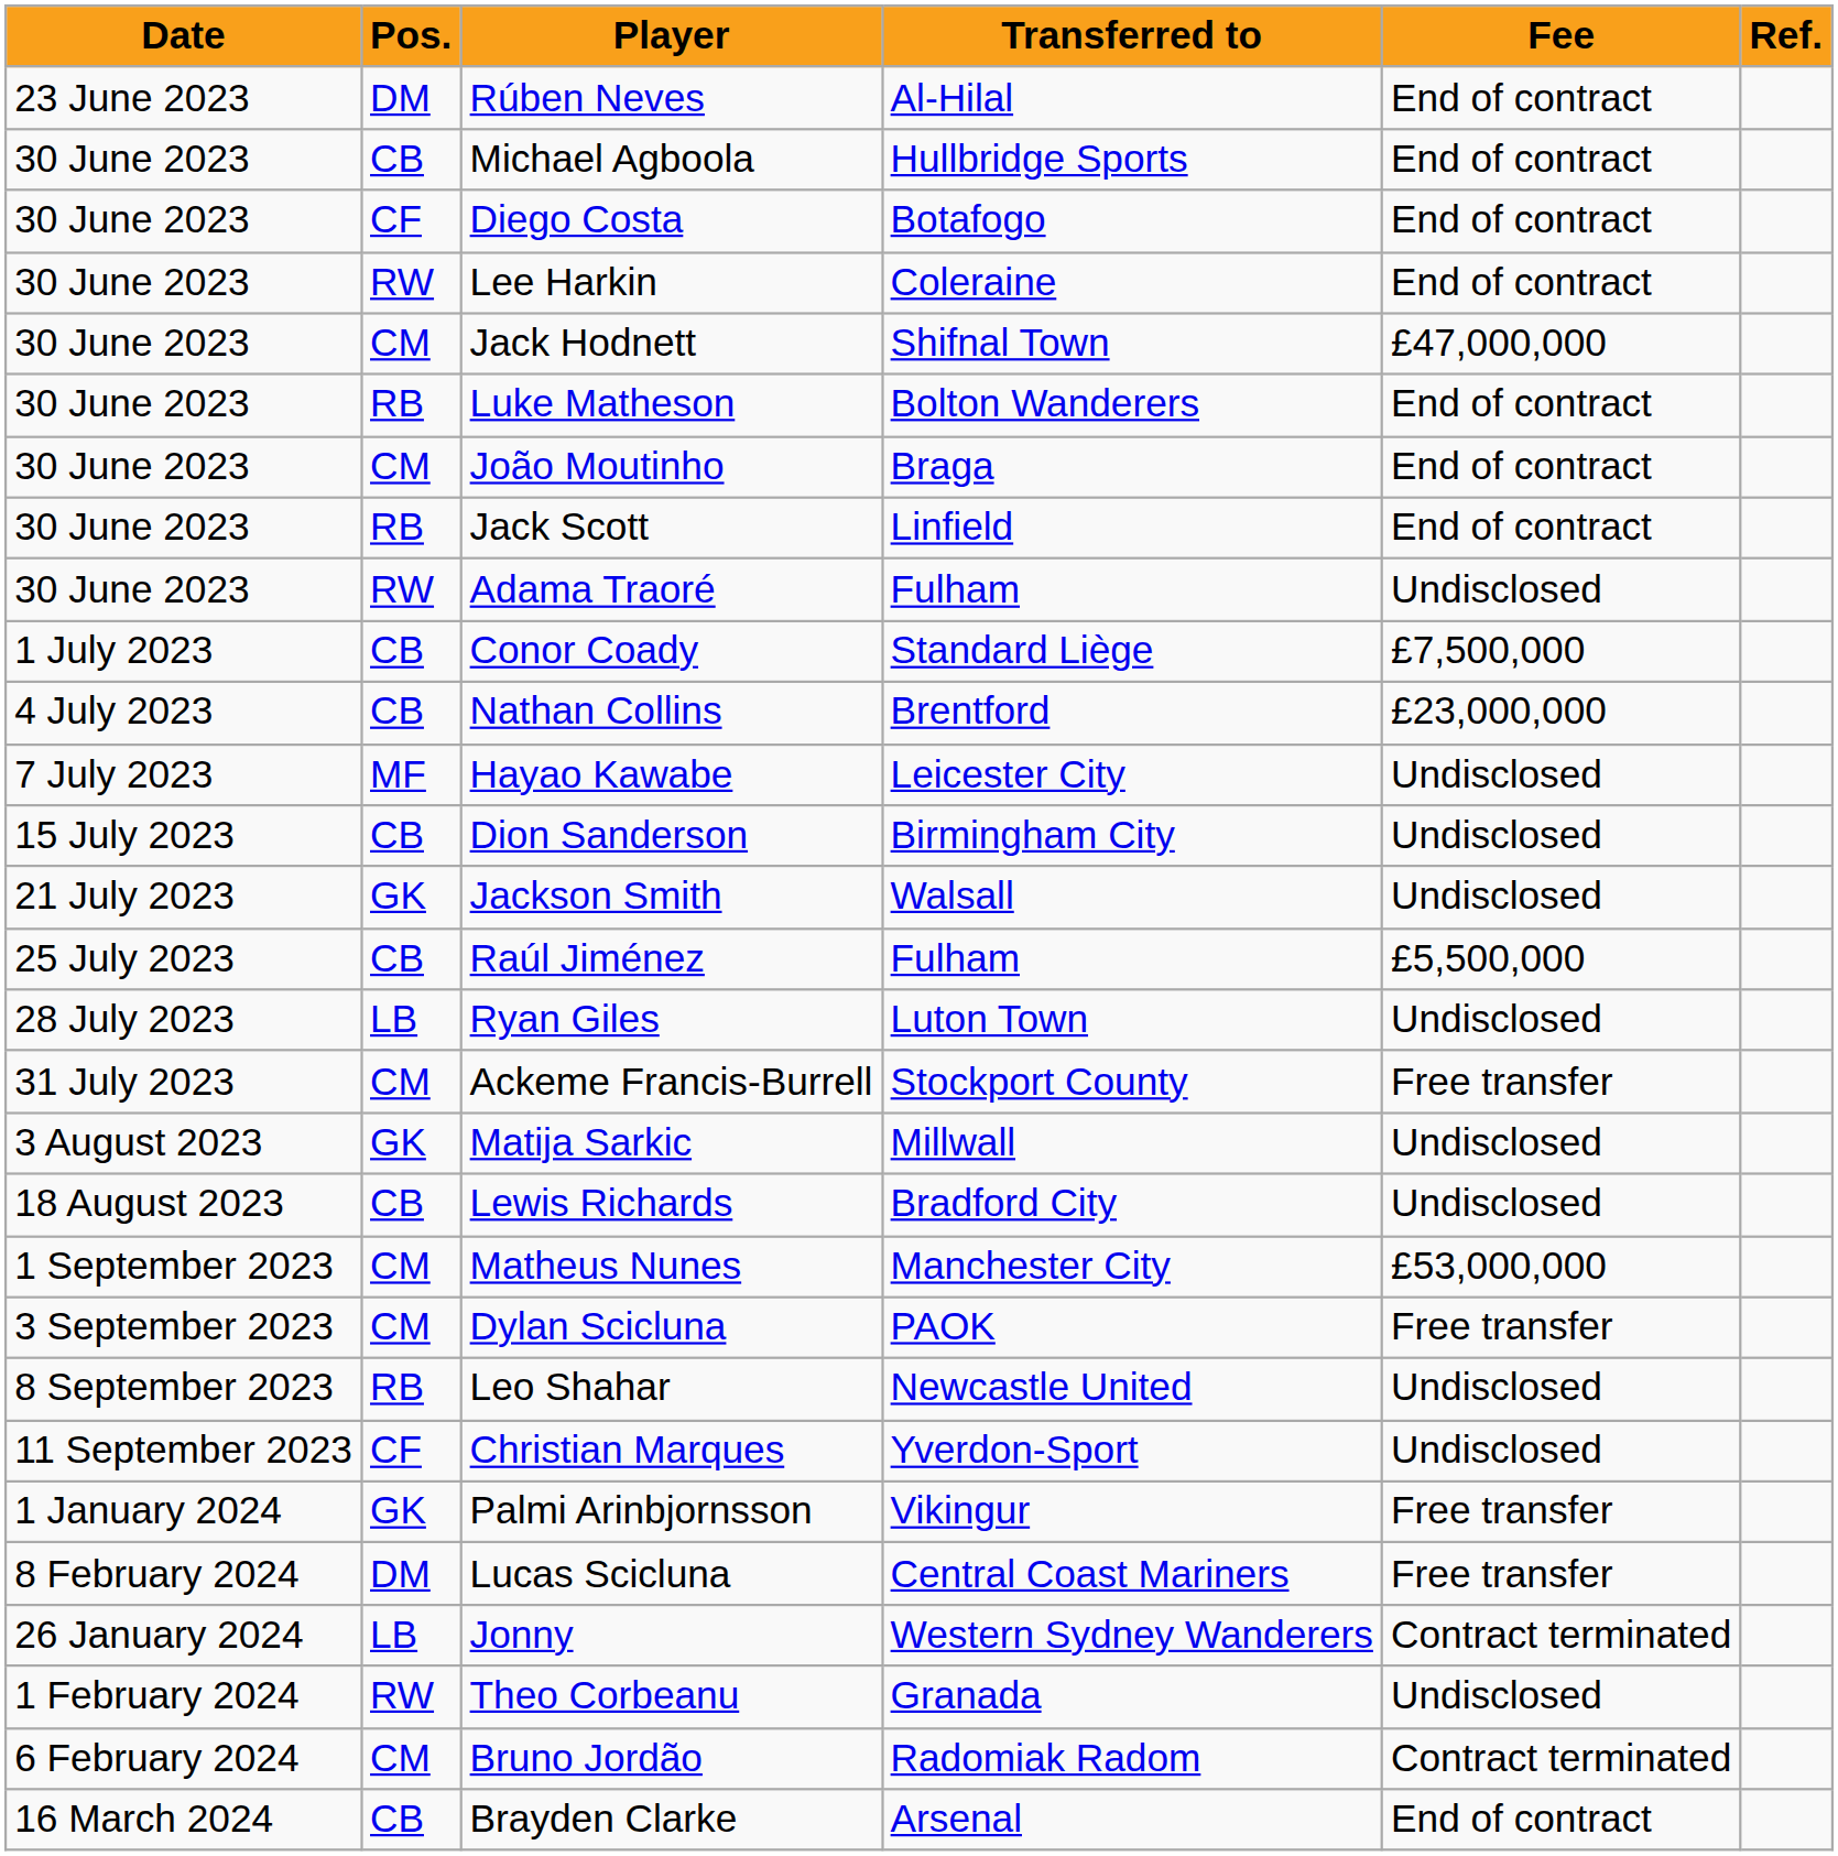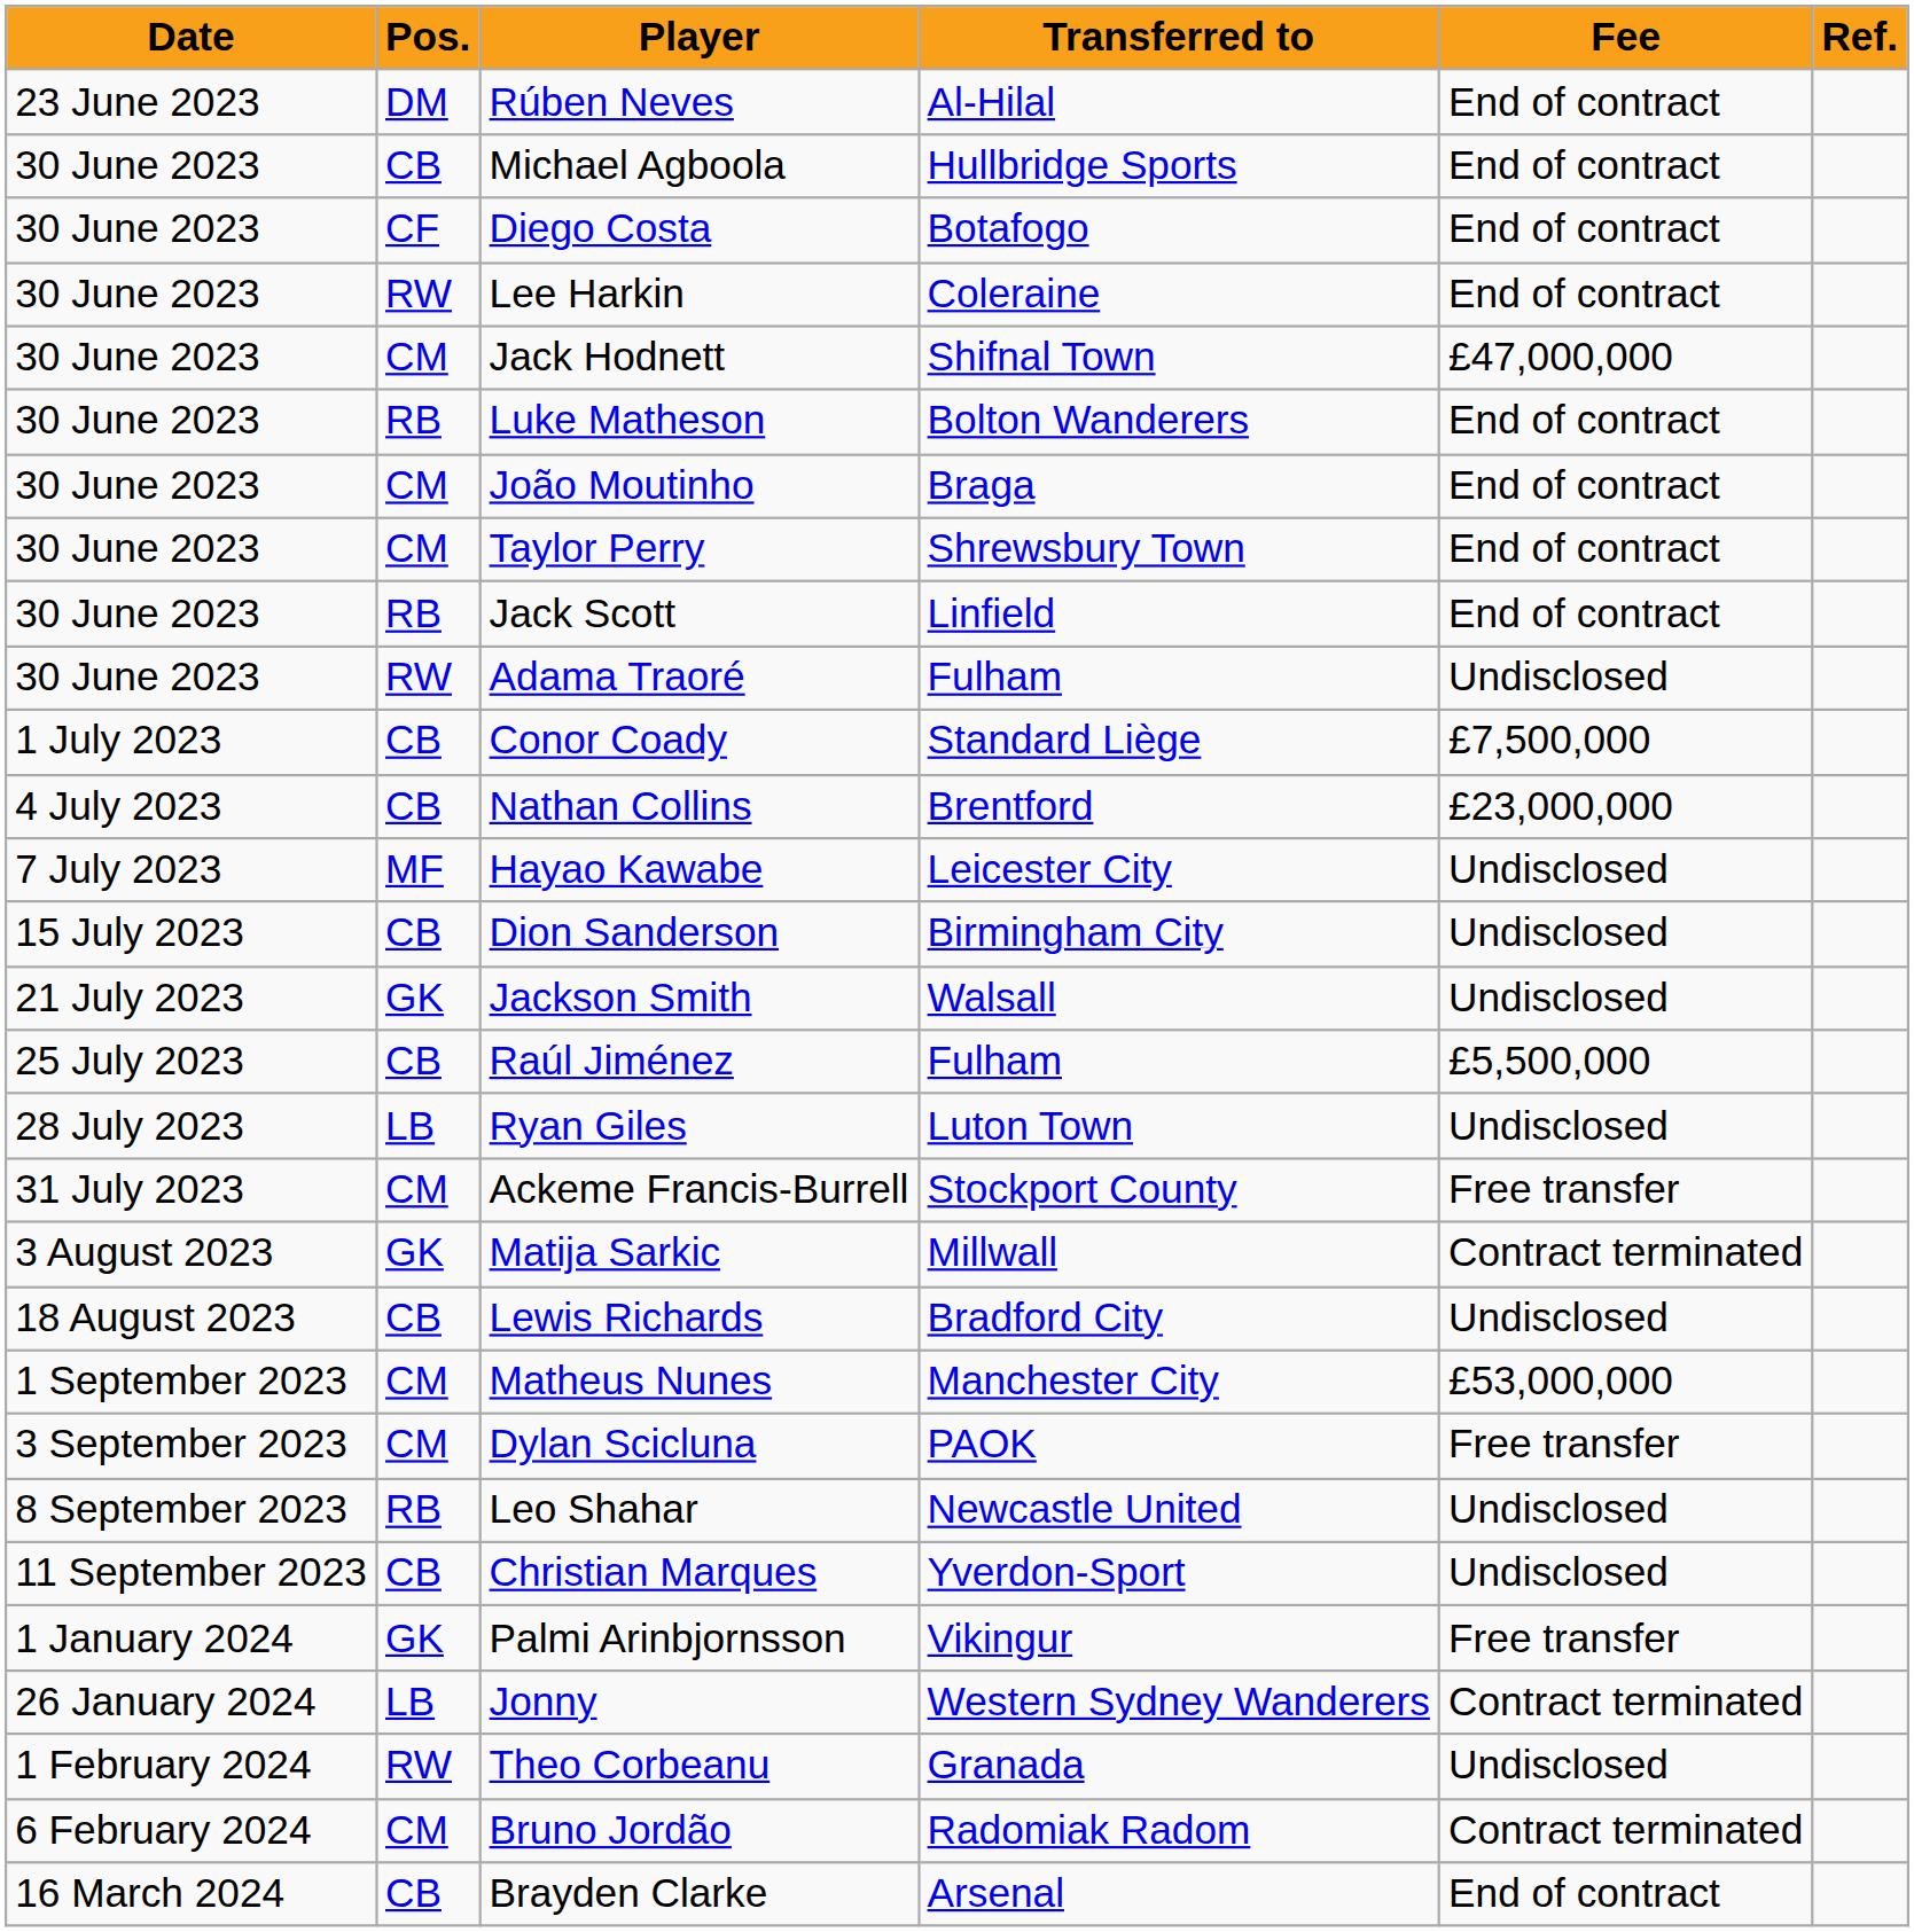 <table class="wikitable plainrowheaders sortable">
 <tr>
 <th style="background:#F9A01B; color:#000000; ">Date</th>
 <th style="background:#F9A01B; color:#000000; ">Pos.</th>
 <th style="background:#F9A01B; color:#000000; ">Player</th>
 <th style="background:#F9A01B; color:#000000; ">Transferred to</th>
 <th style="background:#F9A01B; color:#000000; ">Fee</th>
 <th style="background:#F9A01B; color:#000000; ">Ref.</th>
 </tr>
 <tr>
 <td>23 June 2023</td>
 <td><a href='#'>DM</a></td>
 <td> <a href='#'>Rúben Neves</a></td>
 <td> <a href='#'>Al-Hilal</a></td>
 <td>End of contract</td>
 <td></td>
 </tr>
 <tr>
 <td>30 June 2023</td>
 <td><a href='#'>CB</a></td>
 <td> Michael Agboola</td>
 <td> <a href='#'>Hullbridge Sports</a></td>
 <td>End of contract</td>
 <td></td>
 </tr>
 <tr>
 <td>30 June 2023</td>
 <td><a href='#'>CF</a></td>
 <td> <a href='#'>Diego Costa</a></td>
 <td> <a href='#'>Botafogo</a></td>
 <td>End of contract</td>
 <td></td>
 </tr>
 <tr>
 <td>30 June 2023</td>
 <td><a href='#'>RW</a></td>
 <td> Lee Harkin</td>
 <td> <a href='#'>Coleraine</a></td>
 <td>End of contract</td>
 <td></td>
 </tr>
 <tr>
 <td>30 June 2023</td>
 <td><a href='#'>CM</a></td>
 <td> Jack Hodnett</td>
 <td> <a href='#'>Shifnal Town</a></td>
 <td>£47,000,000</td>
 <td></td>
 </tr>
 <tr>
 <td>30 June 2023</td>
 <td><a href='#'>RB</a></td>
 <td> <a href='#'>Luke Matheson</a></td>
 <td> <a href='#'>Bolton Wanderers</a></td>
 <td>End of contract</td>
 <td></td>
 </tr>
 <tr>
 <td>30 June 2023</td>
 <td><a href='#'>CM</a></td>
 <td> <a href='#'>João Moutinho</a></td>
 <td> <a href='#'>Braga</a></td>
+<td>End of contract</td>
+<td></td>
+</tr>
+<tr>
+<td>30 June 2023</td>
+<td><a href='#'>CM</a></td>
+<td> <a href='#'>Taylor Perry</a></td>
+<td> <a href='#'>Shrewsbury Town</a></td>
 <td>End of contract</td>
 <td></td>
 </tr>
 <tr>
 <td>30 June 2023</td>
 <td><a href='#'>RB</a></td>
 <td> Jack Scott</td>
 <td> <a href='#'>Linfield</a></td>
 <td>End of contract</td>
 <td></td>
 </tr>
 <tr>
 <td>30 June 2023</td>
 <td><a href='#'>RW</a></td>
 <td> <a href='#'>Adama Traoré</a></td>
 <td> <a href='#'>Fulham</a></td>
 <td>Undisclosed</td>
 <td></td>
 </tr>
 <tr>
 <td>1 July 2023</td>
 <td><a href='#'>CB</a></td>
 <td> <a href='#'>Conor Coady</a></td>
 <td> <a href='#'>Standard Liège</a></td>
 <td>£7,500,000</td>
 <td></td>
 </tr>
 <tr>
 <td>4 July 2023</td>
 <td><a href='#'>CB</a></td>
 <td> <a href='#'>Nathan Collins</a></td>
 <td> <a href='#'>Brentford</a></td>
 <td>£23,000,000</td>
 <td></td>
 </tr>
 <tr>
 <td>7 July 2023</td>
 <td><a href='#'>MF</a></td>
 <td> <a href='#'>Hayao Kawabe</a></td>
 <td> <a href='#'>Leicester City</a></td>
 <td>Undisclosed</td>
 <td></td>
 </tr>
 <tr>
 <td>15 July 2023</td>
 <td><a href='#'>CB</a></td>
 <td> <a href='#'>Dion Sanderson</a></td>
 <td> <a href='#'>Birmingham City</a></td>
 <td>Undisclosed</td>
 <td></td>
 </tr>
 <tr>
 <td>21 July 2023</td>
 <td><a href='#'>GK</a></td>
 <td> <a href='#'>Jackson Smith</a></td>
 <td> <a href='#'>Walsall</a></td>
 <td>Undisclosed</td>
 <td></td>
 </tr>
 <tr>
 <td>25 July 2023</td>
 <td><a href='#'>CB</a></td>
 <td> <a href='#'>Raúl Jiménez</a></td>
 <td> <a href='#'>Fulham</a></td>
 <td>£5,500,000</td>
 <td></td>
 </tr>
 <tr>
 <td>28 July 2023</td>
 <td><a href='#'>LB</a></td>
 <td> <a href='#'>Ryan Giles</a></td>
 <td> <a href='#'>Luton Town</a></td>
 <td>Undisclosed</td>
 <td></td>
 </tr>
 <tr>
 <td>31 July 2023</td>
 <td><a href='#'>CM</a></td>
 <td> Ackeme Francis-Burrell</td>
 <td> <a href='#'>Stockport County</a></td>
 <td>Free transfer</td>
 <td></td>
 </tr>
 <tr>
 <td>3 August 2023</td>
 <td><a href='#'>GK</a></td>
 <td> <a href='#'>Matija Sarkic</a></td>
 <td> <a href='#'>Millwall</a></td>
-<td>Undisclosed</td>
+<td>Contract terminated</td>
 <td></td>
 </tr>
 <tr>
 <td>18 August 2023</td>
 <td><a href='#'>CB</a></td>
 <td> <a href='#'>Lewis Richards</a></td>
 <td> <a href='#'>Bradford City</a></td>
 <td>Undisclosed</td>
 <td></td>
 </tr>
 <tr>
 <td>1 September 2023</td>
 <td><a href='#'>CM</a></td>
 <td> <a href='#'>Matheus Nunes</a></td>
 <td> <a href='#'>Manchester City</a></td>
 <td>£53,000,000</td>
 <td></td>
 </tr>
 <tr>
 <td>3 September 2023</td>
 <td><a href='#'>CM</a></td>
 <td> <a href='#'>Dylan Scicluna</a></td>
 <td> <a href='#'>PAOK</a></td>
 <td>Free transfer</td>
 <td></td>
 </tr>
 <tr>
 <td>8 September 2023</td>
 <td><a href='#'>RB</a></td>
 <td> Leo Shahar</td>
 <td> <a href='#'>Newcastle United</a></td>
 <td>Undisclosed</td>
 <td></td>
 </tr>
 <tr>
 <td>11 September 2023</td>
-<td><a href='#'>CF</a></td>
+<td><a href='#'>CB</a></td>
 <td> <a href='#'>Christian Marques</a></td>
 <td> <a href='#'>Yverdon-Sport</a></td>
 <td>Undisclosed</td>
 <td></td>
 </tr>
 <tr>
 <td>1 January 2024</td>
 <td><a href='#'>GK</a></td>
 <td> Palmi Arinbjornsson</td>
 <td> <a href='#'>Vikingur</a></td>
-<td>Free transfer</td>
-<td></td>
-</tr>
-<tr>
-<td>8 February 2024</td>
-<td><a href='#'>DM</a></td>
-<td> Lucas Scicluna</td>
-<td> <a href='#'>Central Coast Mariners</a></td>
 <td>Free transfer</td>
 <td></td>
 </tr>
 <tr>
 <td>26 January 2024</td>
 <td><a href='#'>LB</a></td>
 <td> <a href='#'>Jonny</a></td>
 <td> <a href='#'>Western Sydney Wanderers</a></td>
 <td>Contract terminated</td>
 <td></td>
 </tr>
 <tr>
 <td>1 February 2024</td>
 <td><a href='#'>RW</a></td>
 <td> <a href='#'>Theo Corbeanu</a></td>
 <td> <a href='#'>Granada</a></td>
 <td>Undisclosed</td>
 <td></td>
 </tr>
 <tr>
 <td>6 February 2024</td>
 <td><a href='#'>CM</a></td>
 <td> <a href='#'>Bruno Jordão</a></td>
 <td> <a href='#'>Radomiak Radom</a></td>
 <td>Contract terminated</td>
 <td></td>
 </tr>
 <tr>
 <td>16 March 2024</td>
 <td><a href='#'>CB</a></td>
 <td> Brayden Clarke</td>
 <td> <a href='#'>Arsenal</a></td>
 <td>End of contract</td>
 <td></td>
 </tr>
 </table>
